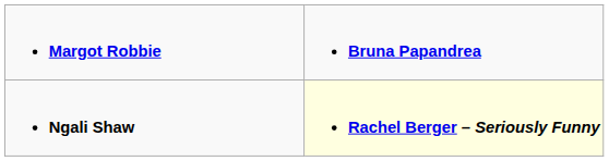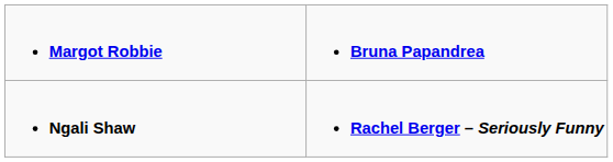 <table class="wikitable" style="width=">
 <tr>
 <td valign="top" width="50%"><br><ul><li><strong><a href='#'>Margot Robbie</a></strong></li></ul></td>
 <td valign="top" width="50%"><br><ul><li><strong><a href='#'>Bruna Papandrea</a></strong></li></ul></td>
 </tr>
 <tr>
 <td valign="top" width="50%"><br><ul><li><strong>Ngali Shaw</strong></li></ul></td>
-<td valign="top" width="50%" style="background: lightyellow;"><br><ul><li><strong><a href='#'>Rachel Berger</a> – <em>Seriously Funny<strong><em></li></ul></td>
+<td valign="top" width="50%"><br><ul><li><strong><a href='#'>Rachel Berger</a> – <em>Seriously Funny<strong><em></li></ul></td>
 </tr>
 </table>
